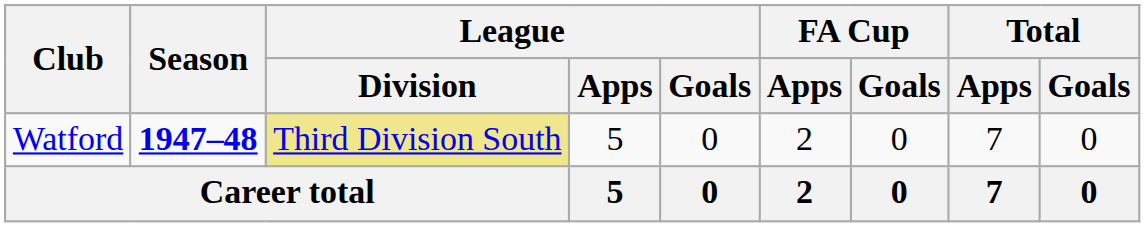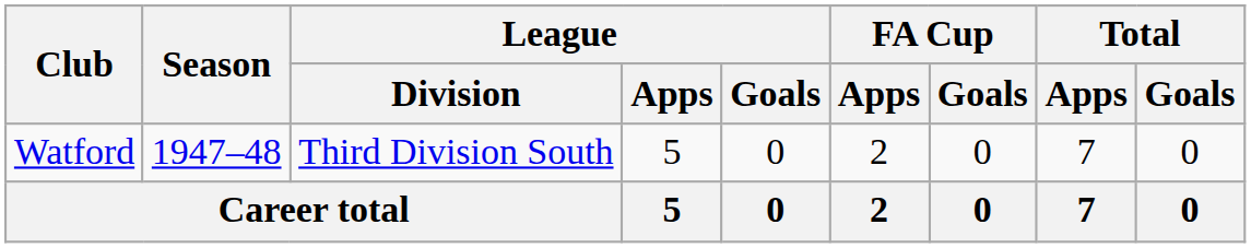 <table class="wikitable" style="text-align:center">
 <tr>
 <th rowspan="2">Club</th>
 <th rowspan="2">Season</th>
 <th colspan="3">League</th>
 <th colspan="2">FA Cup</th>
 <th colspan="2">Total</th>
 </tr>
 <tr>
 <th>Division</th>
 <th>Apps</th>
 <th>Goals</th>
 <th>Apps</th>
 <th>Goals</th>
 <th>Apps</th>
 <th>Goals</th>
 </tr>
 <tr>
 <td><a href='#'>Watford</a></td>
-<td><strong><a href='#'>1947–48</a></strong></td>
-<td style="background: khaki;"><a href='#'>Third Division South</a></td>
+<td><a href='#'>1947–48</a></td>
+<td><a href='#'>Third Division South</a></td>
 <td>5</td>
 <td>0</td>
 <td>2</td>
 <td>0</td>
 <td>7</td>
 <td>0</td>
 </tr>
 <tr>
 <th colspan="3">Career total</th>
 <th>5</th>
 <th>0</th>
 <th>2</th>
 <th>0</th>
 <th>7</th>
 <th>0</th>
 </tr>
 </table>
